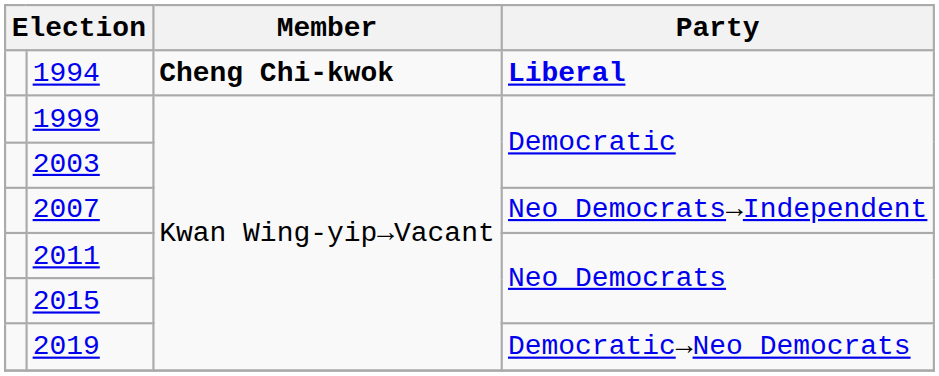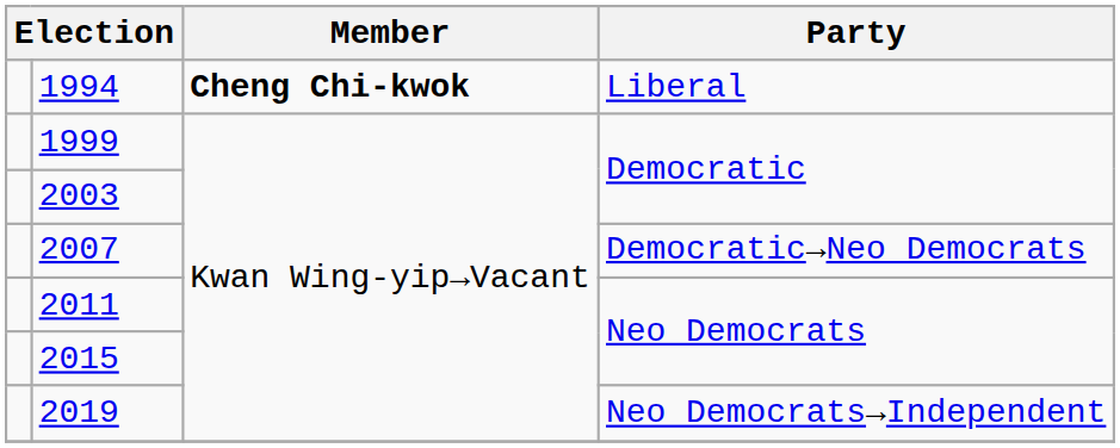 <table class="wikitable">
 <tr>
 <th colspan="2">Election</th>
 <th>Member</th>
 <th>Party</th>
 </tr>
 <tr>
 <td style="color:inherit;background:"></td>
 <td><a href='#'>1994</a></td>
 <td><strong>Cheng Chi-kwok</strong></td>
-<td><strong><a href='#'>Liberal</a></strong></td>
+<td><a href='#'>Liberal</a></td>
 </tr>
 <tr>
 <td style="color:inherit;background:"></td>
 <td><a href='#'>1999</a></td>
 <td rowspan=6>Kwan Wing-yip→Vacant</td>
 <td rowspan=2><a href='#'>Democratic</a></td>
 </tr>
 <tr>
 <td style="color:inherit;background:"></td>
 <td><a href='#'>2003</a></td>
 </tr>
 <tr>
 <td style="color:inherit;background:"></td>
 <td><a href='#'>2007</a></td>
-<td><a href='#'>Neo Democrats</a>→<a href='#'>Independent</a></td>
+<td><a href='#'>Democratic</a>→<a href='#'>Neo Democrats</a></td>
 </tr>
 <tr>
 <td style="color:inherit;background:"></td>
 <td><a href='#'>2011</a></td>
 <td rowspan=2><a href='#'>Neo Democrats</a></td>
 </tr>
 <tr>
 <td style="color:inherit;background:"></td>
 <td><a href='#'>2015</a></td>
 </tr>
 <tr>
 <td style="color:inherit;background:"></td>
 <td><a href='#'>2019</a></td>
-<td><a href='#'>Democratic</a>→<a href='#'>Neo Democrats</a></td>
+<td><a href='#'>Neo Democrats</a>→<a href='#'>Independent</a></td>
 </tr>
 <tr>
 </tr>
 </table>
